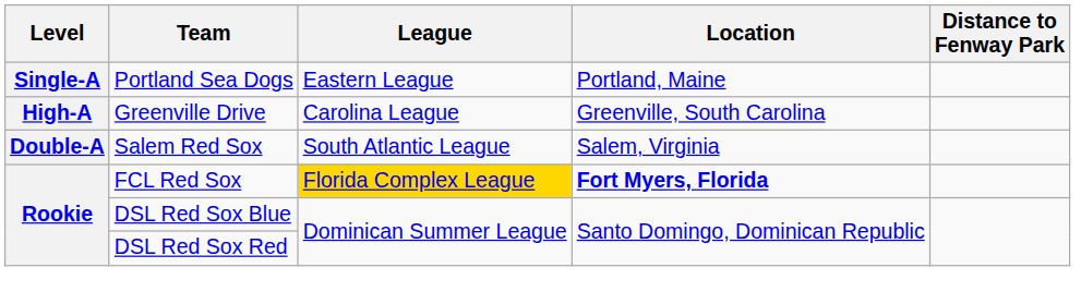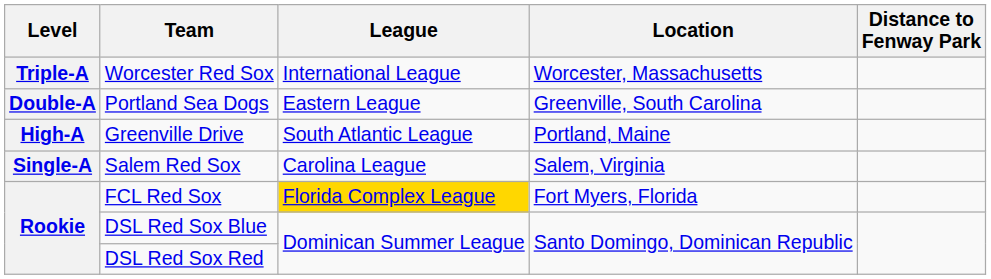 <table class="wikitable plainrowheaders">
 <tr>
 <th scope="col" style="text-align:center; ">Level</th>
 <th scope="col" style="text-align:center; ">Team</th>
 <th scope="col" style="text-align:center; ">League</th>
 <th scope="col" style="text-align:center; ">Location</th>
 <th scope="col" style="text-align:center; ">Distance to<br>Fenway Park</th>
 </tr>
 <tr>
-<th scope="row"><a href='#'>Single-A</a></th>
+<th scope="row"><a href='#'>Triple-A</a></th>
+<td><a href='#'>Worcester Red Sox</a></td>
+<td><a href='#'>International League</a></td>
+<td><a href='#'>Worcester, Massachusetts</a></td>
+<td align=right></td>
+</tr>
+<tr>
+<th scope="row"><a href='#'>Double-A</a></th>
 <td><a href='#'>Portland Sea Dogs</a></td>
 <td><a href='#'>Eastern League</a></td>
-<td><a href='#'>Portland, Maine</a></td>
+<td><a href='#'>Greenville, South Carolina</a></td>
 <td align=right></td>
 </tr>
 <tr>
 <th scope="row"><a href='#'>High-A</a></th>
 <td><a href='#'>Greenville Drive</a></td>
-<td><a href='#'>Carolina League</a></td>
-<td><a href='#'>Greenville, South Carolina</a></td>
+<td><a href='#'>South Atlantic League</a></td>
+<td><a href='#'>Portland, Maine</a></td>
 <td align=right></td>
 </tr>
 <tr>
-<th scope="row"><a href='#'>Double-A</a></th>
+<th scope="row"><a href='#'>Single-A</a></th>
 <td><a href='#'>Salem Red Sox</a></td>
-<td><a href='#'>South Atlantic League</a></td>
+<td><a href='#'>Carolina League</a></td>
 <td><a href='#'>Salem, Virginia</a></td>
 <td align=right></td>
 </tr>
 <tr>
 <th scope="row" rowspan=3><a href='#'>Rookie</a></th>
 <td><a href='#'>FCL Red Sox</a></td>
 <td style="background: gold;"><a href='#'>Florida Complex League</a></td>
-<td><strong><a href='#'>Fort Myers, Florida</a></strong></td>
+<td><a href='#'>Fort Myers, Florida</a></td>
 <td align=right></td>
 </tr>
 <tr>
 <td><a href='#'>DSL Red Sox Blue</a></td>
 <td rowspan=2><a href='#'>Dominican Summer League</a></td>
 <td rowspan=2><a href='#'>Santo Domingo, Dominican Republic</a></td>
 <td rowspan=2 align=right></td>
 </tr>
 <tr>
 <td><a href='#'>DSL Red Sox Red</a></td>
 </tr>
 </table>
